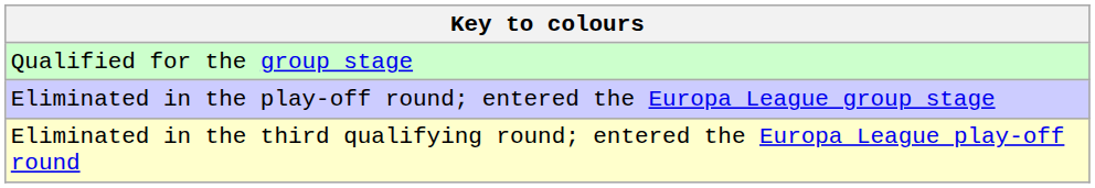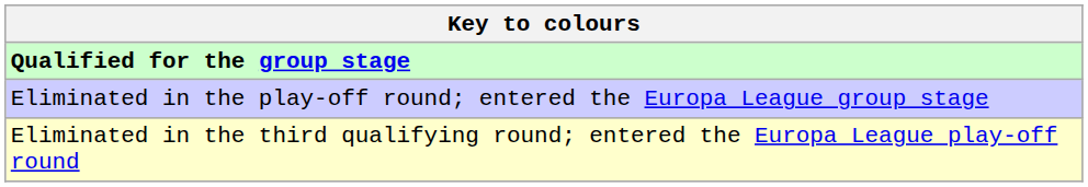 <table class="wikitable">
 <tr>
 <th>Key to colours</th>
 </tr>
 <tr bgcolor=#ccffcc>
-<td>Qualified for the <a href='#'>group stage</a></td>
+<td><strong>Qualified for the <a href='#'>group stage</a></strong></td>
 </tr>
 <tr bgcolor=#ccccff>
 <td>Eliminated in the play-off round; entered the <a href='#'>Europa League group stage</a></td>
 </tr>
 <tr bgcolor=#ffffcc>
 <td>Eliminated in the third qualifying round; entered the <a href='#'>Europa League play-off round</a></td>
 </tr>
 </table>
